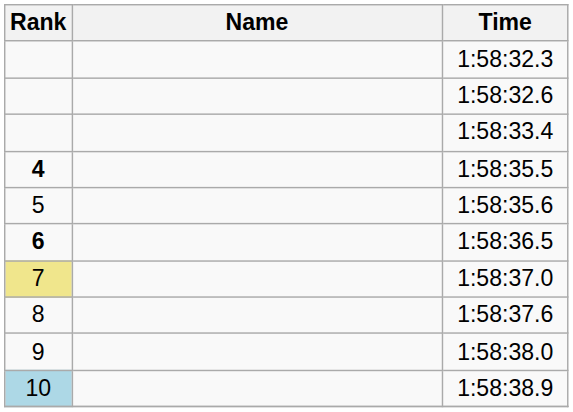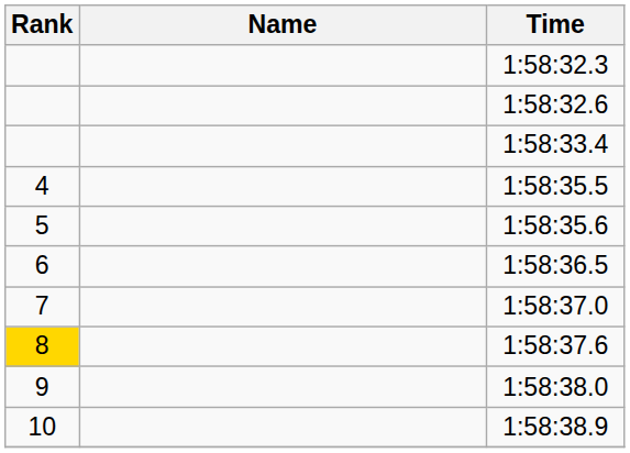 <table class="wikitable" style="text-align:center">
 <tr>
 <th>Rank</th>
 <th width=250>Name</th>
 <th width=80>Time</th>
 </tr>
 <tr>
 <td></td>
 <td align=left></td>
 <td>1:58:32.3</td>
 </tr>
 <tr>
 <td></td>
 <td align=left></td>
 <td>1:58:32.6</td>
 </tr>
 <tr>
 <td></td>
 <td align=left></td>
 <td>1:58:33.4</td>
 </tr>
 <tr>
-<td><strong>4</strong></td>
+<td>4</td>
 <td align=left></td>
 <td>1:58:35.5</td>
 </tr>
 <tr>
 <td>5</td>
 <td align=left></td>
 <td>1:58:35.6</td>
 </tr>
 <tr>
-<td><strong>6</strong></td>
+<td>6</td>
 <td align=left></td>
 <td>1:58:36.5</td>
 </tr>
 <tr>
-<td style="background: khaki;">7</td>
+<td>7</td>
 <td align=left></td>
 <td>1:58:37.0</td>
 </tr>
 <tr>
-<td>8</td>
+<td style="background: gold;">8</td>
 <td align=left></td>
 <td>1:58:37.6</td>
 </tr>
 <tr>
 <td>9</td>
 <td align=left></td>
 <td>1:58:38.0</td>
 </tr>
 <tr>
-<td style="background: lightblue;">10</td>
+<td>10</td>
 <td align=left></td>
 <td>1:58:38.9</td>
 </tr>
 <tr>
 </tr>
 </table>
